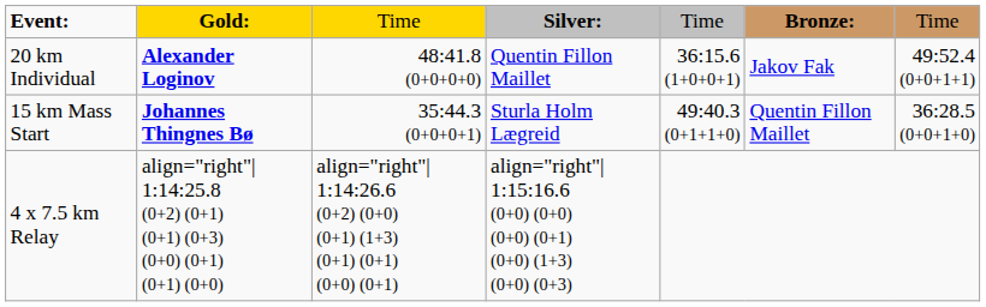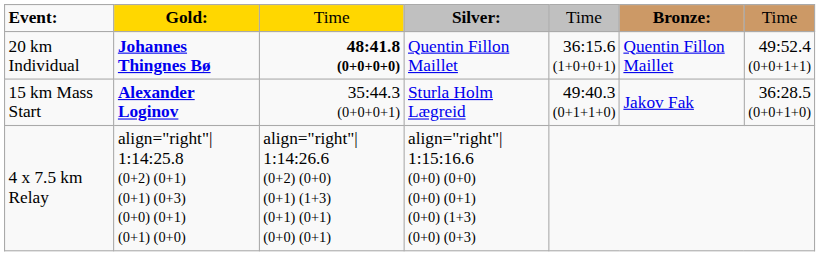 <table class="wikitable" width=85%>
 <tr>
 <td><strong>Event:</strong></td>
 <td style="text-align:center;background-color:gold;"><strong>Gold:</strong></td>
 <td style="text-align:center;background-color:gold;">Time</td>
 <td style="text-align:center;background-color:silver;"><strong>Silver:</strong></td>
 <td style="text-align:center;background-color:silver;">Time</td>
 <td style="text-align:center;background-color:#CC9966;"><strong>Bronze:</strong></td>
 <td style="text-align:center;background-color:#CC9966;">Time</td>
 </tr>
 <tr>
 <td>20 km Individual<br></td>
-<td><strong><a href='#'>Alexander Loginov</a></strong><br><small></small></td>
-<td align="right">48:41.8<br><small>(0+0+0+0)</small></td>
+<td><strong><a href='#'>Johannes Thingnes Bø</a></strong><br><small></small></td>
+<td align="right"><strong>48:41.8<br><small>(0+0+0+0)</small></strong></td>
 <td><a href='#'>Quentin Fillon Maillet</a><br><small></small></td>
 <td align="right">36:15.6<br><small>(1+0+0+1)</small></td>
-<td><a href='#'>Jakov Fak</a><br><small></small></td>
+<td><a href='#'>Quentin Fillon Maillet</a><br><small></small></td>
 <td align="right">49:52.4<br><small>(0+0+1+1)</small></td>
 </tr>
 <tr>
 <td>15 km Mass Start<br></td>
-<td><strong><a href='#'>Johannes Thingnes Bø</a></strong><br><small></small></td>
+<td><strong><a href='#'>Alexander Loginov</a></strong><br><small></small></td>
 <td align="right">35:44.3<br><small>(0+0+0+1)</small></td>
 <td><a href='#'>Sturla Holm Lægreid</a><br><small></small></td>
 <td align="right">49:40.3<br><small>(0+1+1+0)</small></td>
-<td><a href='#'>Quentin Fillon Maillet</a><br><small></small></td>
+<td><a href='#'>Jakov Fak</a><br><small></small></td>
 <td align="right">36:28.5<br><small>(0+0+1+0)</small></td>
 </tr>
 <tr>
 <td>4 x 7.5 km Relay<br></td>
 <td>align="right"| 1:14:25.8<small><br>(0+2) (0+1)<br>(0+1) (0+3)<br>(0+0) (0+1)<br>(0+1) (0+0)</small></td>
 <td>align="right"| 1:14:26.6<small><br>(0+2) (0+0)<br>(0+1) (1+3)<br>(0+1) (0+1)<br>(0+0) (0+1)</small></td>
 <td>align="right"| 1:15:16.6<small><br>(0+0) (0+0)<br>(0+0) (0+1)<br>(0+0) (1+3)<br>(0+0) (0+3)</small></td>
 </tr>
 </table>
